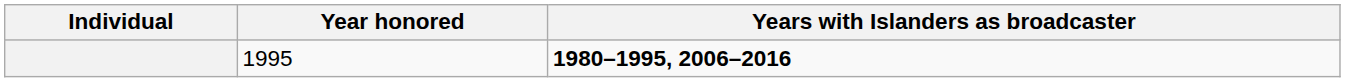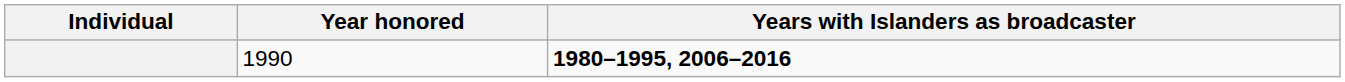 <table class="wikitable sortable" width="75%">
 <tr>
 <th scope="col">Individual</th>
 <th scope="col">Year honored</th>
 <th scope="col">Years with Islanders as broadcaster</th>
 </tr>
 <tr>
 <th scope=row></th>
-<td>1995</td>
+<td>1990</td>
 <td><strong>1980–1995, 2006–2016</strong></td>
 </tr>
 </table>
